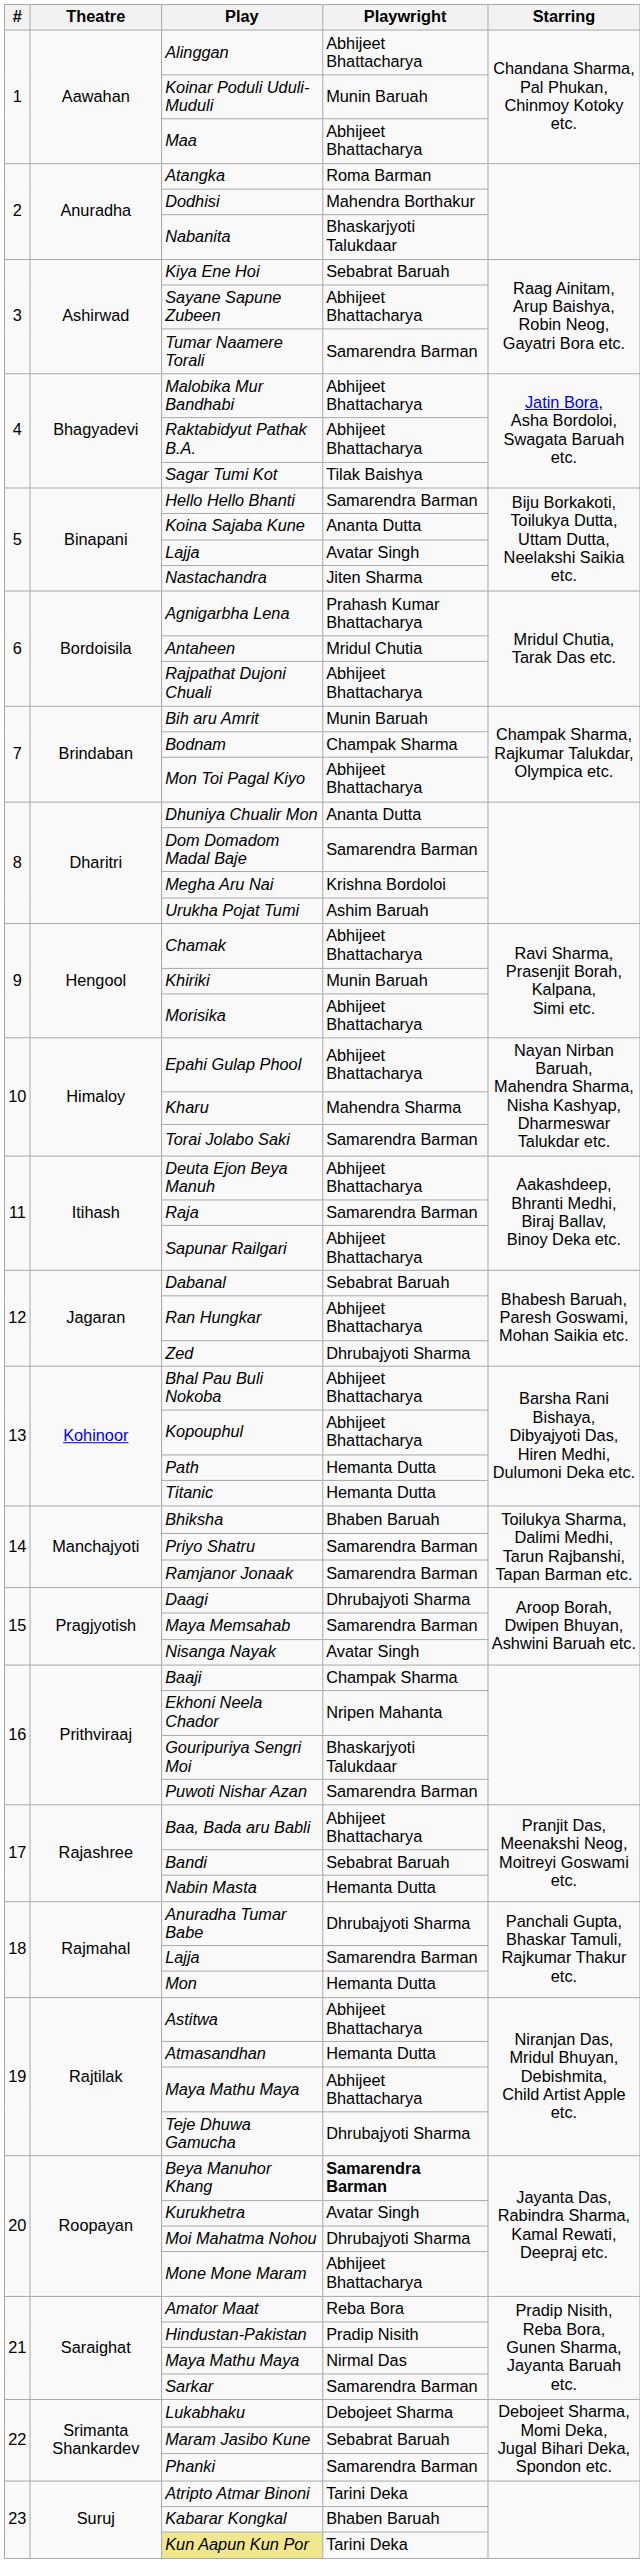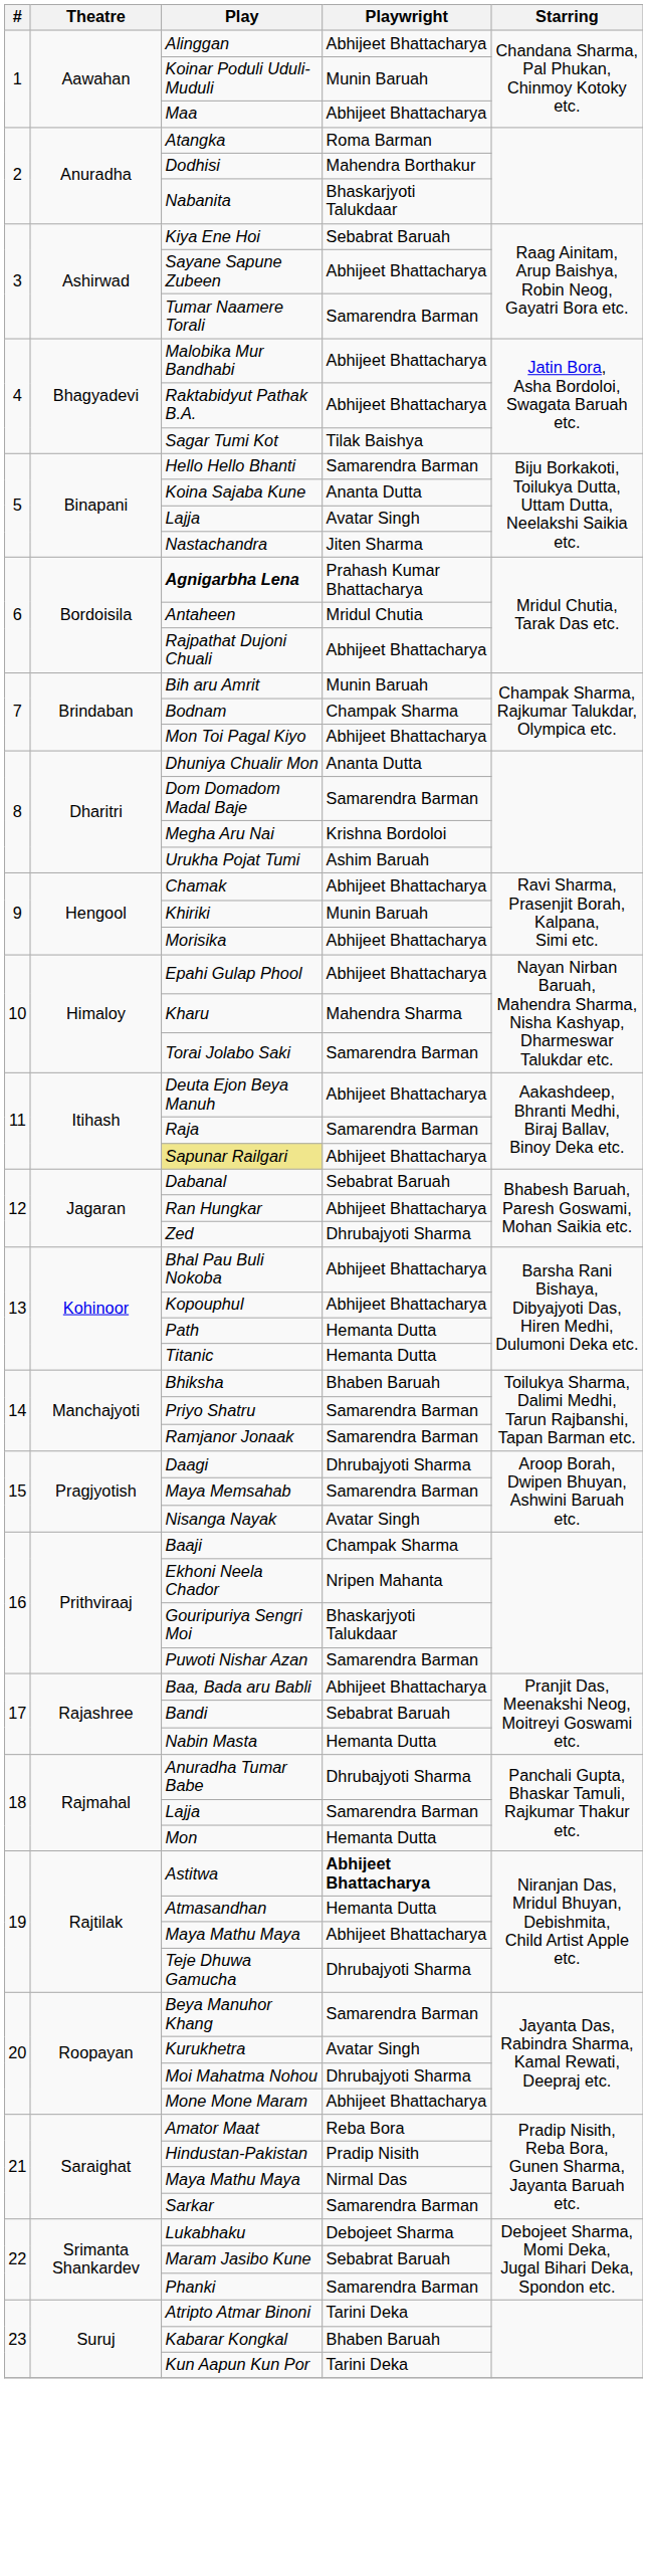 <table class="wikitable" width=100%>
 <tr>
 <th>#</th>
 <th>Theatre</th>
 <th>Play</th>
 <th>Playwright</th>
 <th>Starring</th>
 </tr>
 <tr>
 <td rowspan="3" align=center>1</td>
 <td rowspan="3" align=center>Aawahan</td>
 <td><em>Alinggan</em></td>
 <td>Abhijeet Bhattacharya</td>
 <td rowspan="3" align=center>Chandana Sharma,<br> Pal Phukan,<br>Chinmoy Kotoky etc.</td>
 </tr>
 <tr>
 <td><em>Koinar Poduli Uduli-Muduli</em></td>
 <td>Munin Baruah</td>
 </tr>
 <tr>
 <td><em>Maa</em></td>
 <td>Abhijeet Bhattacharya</td>
 </tr>
 <tr>
 <td rowspan="3" align=center>2</td>
 <td rowspan="3" align=center>Anuradha</td>
 <td><em>Atangka</em></td>
 <td>Roma Barman</td>
 <td rowspan="3" align=center></td>
 </tr>
 <tr>
 <td><em>Dodhisi</em></td>
 <td>Mahendra Borthakur</td>
 </tr>
 <tr>
 <td><em>Nabanita</em></td>
 <td>Bhaskarjyoti Talukdaar</td>
 </tr>
 <tr>
 <td rowspan="3" align=center>3</td>
 <td rowspan="3" align=center>Ashirwad</td>
 <td><em>Kiya Ene Hoi</em></td>
 <td>Sebabrat Baruah</td>
 <td rowspan="3" align=center>Raag Ainitam,<br> Arup Baishya,<br>Robin Neog,<br> Gayatri Bora etc.</td>
 </tr>
 <tr>
 <td><em>Sayane Sapune Zubeen</em></td>
 <td>Abhijeet Bhattacharya</td>
 </tr>
 <tr>
 <td><em>Tumar Naamere Torali</em></td>
 <td>Samarendra Barman</td>
 </tr>
 <tr>
 <td rowspan="3" align=center>4</td>
 <td rowspan="3" align=center>Bhagyadevi</td>
 <td><em>Malobika Mur Bandhabi</em></td>
 <td>Abhijeet Bhattacharya</td>
 <td rowspan="3" align=center><a href='#'>Jatin Bora</a>,<br> Asha Bordoloi,<br> Swagata Baruah etc.</td>
 </tr>
 <tr>
 <td><em>Raktabidyut Pathak B.A.</em></td>
 <td>Abhijeet Bhattacharya</td>
 </tr>
 <tr>
 <td><em>Sagar Tumi Kot</em></td>
 <td>Tilak Baishya</td>
 </tr>
 <tr>
 <td rowspan="4" align=center>5</td>
 <td rowspan="4" align=center>Binapani</td>
 <td><em>Hello Hello Bhanti</em></td>
 <td>Samarendra Barman</td>
 <td rowspan="4" align=center>Biju Borkakoti,<br> Toilukya Dutta,<br> Uttam Dutta,<br> Neelakshi Saikia etc.</td>
 </tr>
 <tr>
 <td><em>Koina Sajaba Kune</em></td>
 <td>Ananta Dutta</td>
 </tr>
 <tr>
 <td><em>Lajja</em></td>
 <td>Avatar Singh</td>
 </tr>
 <tr>
 <td><em>Nastachandra</em></td>
 <td>Jiten Sharma</td>
 </tr>
 <tr>
 <td rowspan="3" align=center>6</td>
 <td rowspan="3" align=center>Bordoisila</td>
-<td><em>Agnigarbha Lena</em></td>
+<td><strong><em>Agnigarbha Lena</em></strong></td>
 <td>Prahash Kumar Bhattacharya</td>
 <td rowspan="3" align=center>Mridul Chutia,<br> Tarak Das etc.</td>
 </tr>
 <tr>
 <td><em>Antaheen</em></td>
 <td>Mridul Chutia</td>
 </tr>
 <tr>
 <td><em>Rajpathat Dujoni Chuali</em></td>
 <td>Abhijeet Bhattacharya</td>
 </tr>
 <tr>
 <td rowspan="3" align=center>7</td>
 <td rowspan="3" align=center>Brindaban</td>
 <td><em>Bih aru Amrit</em></td>
 <td>Munin Baruah</td>
 <td rowspan="3" align=center>Champak Sharma,<br> Rajkumar Talukdar,<br>Olympica etc.</td>
 </tr>
 <tr>
 <td><em>Bodnam</em></td>
 <td>Champak Sharma</td>
 </tr>
 <tr>
 <td><em>Mon Toi Pagal Kiyo</em></td>
 <td>Abhijeet Bhattacharya</td>
 </tr>
 <tr>
 <td rowspan="4" align=center>8</td>
 <td rowspan="4" align=center>Dharitri</td>
 <td><em>Dhuniya Chualir Mon</em></td>
 <td>Ananta Dutta</td>
 <td rowspan="4" align=center></td>
 </tr>
 <tr>
 <td><em>Dom Domadom Madal Baje</em></td>
 <td>Samarendra Barman</td>
 </tr>
 <tr>
 <td><em>Megha Aru Nai</em></td>
 <td>Krishna Bordoloi</td>
 </tr>
 <tr>
 <td><em>Urukha Pojat Tumi</em></td>
 <td>Ashim Baruah</td>
 </tr>
 <tr>
 <td rowspan="3" align=center>9</td>
 <td rowspan="3" align=center>Hengool</td>
 <td><em>Chamak</em></td>
 <td>Abhijeet Bhattacharya</td>
 <td rowspan="3" align=center>Ravi Sharma,<br> Prasenjit Borah,<br> Kalpana,<br> Simi etc.</td>
 </tr>
 <tr>
 <td><em>Khiriki</em></td>
 <td>Munin Baruah</td>
 </tr>
 <tr>
 <td><em>Morisika</em></td>
 <td>Abhijeet Bhattacharya</td>
 </tr>
 <tr>
 <td rowspan="3" align=center>10</td>
 <td rowspan="3" align=center>Himaloy</td>
 <td><em>Epahi Gulap Phool</em></td>
 <td>Abhijeet Bhattacharya</td>
 <td rowspan="3" align=center>Nayan Nirban Baruah,<br> Mahendra Sharma,<br> Nisha Kashyap,<br> Dharmeswar Talukdar etc.</td>
 </tr>
 <tr>
 <td><em>Kharu</em></td>
 <td>Mahendra Sharma</td>
 </tr>
 <tr>
 <td><em>Torai Jolabo Saki</em></td>
 <td>Samarendra Barman</td>
 </tr>
 <tr>
 <td rowspan="3" align=center>11</td>
 <td rowspan="3" align=center>Itihash</td>
 <td><em>Deuta Ejon Beya Manuh</em></td>
 <td>Abhijeet Bhattacharya</td>
 <td rowspan="3" align=center>Aakashdeep,<br> Bhranti Medhi,<br> Biraj Ballav,<br> Binoy Deka etc.</td>
 </tr>
 <tr>
 <td><em>Raja</em></td>
 <td>Samarendra Barman</td>
 </tr>
 <tr>
-<td><em>Sapunar Railgari</em></td>
+<td style="background: khaki;"><em>Sapunar Railgari</em></td>
 <td>Abhijeet Bhattacharya</td>
 </tr>
 <tr>
 <td rowspan="3" align=center>12</td>
 <td rowspan="3" align=center>Jagaran</td>
 <td><em>Dabanal</em></td>
 <td>Sebabrat Baruah</td>
 <td rowspan="3" align=center>Bhabesh Baruah,<br> Paresh Goswami,<br> Mohan Saikia etc.</td>
 </tr>
 <tr>
 <td><em>Ran Hungkar</em></td>
 <td>Abhijeet Bhattacharya</td>
 </tr>
 <tr>
 <td><em>Zed</em></td>
 <td>Dhrubajyoti Sharma</td>
 </tr>
 <tr>
 <td rowspan="4" align=center>13</td>
 <td rowspan="4" align=center><a href='#'>Kohinoor</a></td>
 <td><em>Bhal Pau Buli Nokoba</em></td>
 <td>Abhijeet Bhattacharya</td>
 <td rowspan="4" align=center>Barsha Rani Bishaya,<br> Dibyajyoti Das,<br> Hiren Medhi,<br> Dulumoni Deka etc.</td>
 </tr>
 <tr>
 <td><em>Kopouphul</em></td>
 <td>Abhijeet Bhattacharya</td>
 </tr>
 <tr>
 <td><em>Path</em></td>
 <td>Hemanta Dutta</td>
 </tr>
 <tr>
 <td><em>Titanic</em></td>
 <td>Hemanta Dutta</td>
 </tr>
 <tr>
 <td rowspan="3" align=center>14</td>
 <td rowspan="3" align=center>Manchajyoti</td>
 <td><em>Bhiksha</em></td>
 <td>Bhaben Baruah</td>
 <td rowspan="3" align=center>Toilukya Sharma,<br> Dalimi Medhi,<br>Tarun Rajbanshi,<br>Tapan Barman etc.</td>
 </tr>
 <tr>
 <td><em>Priyo Shatru</em></td>
 <td>Samarendra Barman</td>
 </tr>
 <tr>
 <td><em>Ramjanor Jonaak</em></td>
 <td>Samarendra Barman</td>
 </tr>
 <tr>
 <td rowspan="3" align=center>15</td>
 <td rowspan="3" align=center>Pragjyotish</td>
 <td><em>Daagi</em></td>
 <td>Dhrubajyoti Sharma</td>
 <td rowspan="3" align=center>Aroop Borah,<br> Dwipen Bhuyan,<br> Ashwini Baruah etc.</td>
 </tr>
 <tr>
 <td><em>Maya Memsahab</em></td>
 <td>Samarendra Barman</td>
 </tr>
 <tr>
 <td><em>Nisanga Nayak</em></td>
 <td>Avatar Singh</td>
 </tr>
 <tr>
 <td rowspan="4" align=center>16</td>
 <td rowspan="4" align=center>Prithviraaj</td>
 <td><em>Baaji</em></td>
 <td>Champak Sharma</td>
 <td rowspan="4" align=center></td>
 </tr>
 <tr>
 <td><em>Ekhoni Neela Chador</em></td>
 <td>Nripen Mahanta</td>
 </tr>
 <tr>
 <td><em>Gouripuriya Sengri Moi</em></td>
 <td>Bhaskarjyoti Talukdaar</td>
 </tr>
 <tr>
 <td><em>Puwoti Nishar Azan</em></td>
 <td>Samarendra Barman</td>
 </tr>
 <tr>
 <td rowspan="3" align=center>17</td>
 <td rowspan="3" align=center>Rajashree</td>
 <td><em>Baa, Bada aru Babli</em></td>
 <td>Abhijeet Bhattacharya</td>
 <td rowspan="3" align=center>Pranjit Das,<br> Meenakshi Neog,<br>Moitreyi Goswami etc.</td>
 </tr>
 <tr>
 <td><em>Bandi</em></td>
 <td>Sebabrat Baruah</td>
 </tr>
 <tr>
 <td><em>Nabin Masta</em></td>
 <td>Hemanta Dutta</td>
 </tr>
 <tr>
 <td rowspan="3" align=center>18</td>
 <td rowspan="3" align=center>Rajmahal</td>
 <td><em>Anuradha Tumar Babe</em></td>
 <td>Dhrubajyoti Sharma</td>
 <td rowspan="3" align=center>Panchali Gupta,<br> Bhaskar Tamuli,<br>Rajkumar Thakur etc.</td>
 </tr>
 <tr>
 <td><em>Lajja</em></td>
 <td>Samarendra Barman</td>
 </tr>
 <tr>
 <td><em>Mon</em></td>
 <td>Hemanta Dutta</td>
 </tr>
 <tr>
 <td rowspan="4" align=center>19</td>
 <td rowspan="4" align=center>Rajtilak</td>
 <td><em>Astitwa</em></td>
-<td>Abhijeet Bhattacharya</td>
+<td><strong>Abhijeet Bhattacharya</strong></td>
 <td rowspan="4" align=center>Niranjan Das,<br> Mridul Bhuyan,<br> Debishmita,<br> Child Artist Apple etc.</td>
 </tr>
 <tr>
 <td><em>Atmasandhan</em></td>
 <td>Hemanta Dutta</td>
 </tr>
 <tr>
 <td><em>Maya Mathu Maya</em></td>
 <td>Abhijeet Bhattacharya</td>
 </tr>
 <tr>
 <td><em>Teje Dhuwa Gamucha</em></td>
 <td>Dhrubajyoti Sharma</td>
 </tr>
 <tr>
 <td rowspan="4" align=center>20</td>
 <td rowspan="4" align=center>Roopayan</td>
 <td><em>Beya Manuhor Khang</em></td>
-<td><strong>Samarendra Barman</strong></td>
+<td>Samarendra Barman</td>
 <td rowspan="4" align=center>Jayanta Das,<br> Rabindra Sharma,<br> Kamal Rewati,<br> Deepraj etc.</td>
 </tr>
 <tr>
 <td><em>Kurukhetra</em></td>
 <td>Avatar Singh</td>
 </tr>
 <tr>
 <td><em>Moi Mahatma Nohou</em></td>
 <td>Dhrubajyoti Sharma</td>
 </tr>
 <tr>
 <td><em>Mone Mone Maram</em></td>
 <td>Abhijeet Bhattacharya</td>
 </tr>
 <tr>
 <td rowspan="4" align=center>21</td>
 <td rowspan="4" align=center>Saraighat</td>
 <td><em>Amator Maat</em></td>
 <td>Reba Bora</td>
 <td rowspan="4" align=center>Pradip Nisith,<br> Reba Bora,<br>Gunen Sharma,<br> Jayanta Baruah etc.</td>
 </tr>
 <tr>
 <td><em>Hindustan-Pakistan</em></td>
 <td>Pradip Nisith</td>
 </tr>
 <tr>
 <td><em>Maya Mathu Maya</em></td>
 <td>Nirmal Das</td>
 </tr>
 <tr>
 <td><em>Sarkar</em></td>
 <td>Samarendra Barman</td>
 </tr>
 <tr>
 <td rowspan="3" align=center>22</td>
 <td rowspan="3" align=center>Srimanta Shankardev</td>
 <td><em>Lukabhaku</em></td>
 <td>Debojeet Sharma</td>
 <td rowspan="3" align=center>Debojeet Sharma,<br> Momi Deka,<br> Jugal Bihari Deka,<br> Spondon etc.</td>
 </tr>
 <tr>
 <td><em>Maram Jasibo Kune</em></td>
 <td>Sebabrat Baruah</td>
 </tr>
 <tr>
 <td><em>Phanki</em></td>
 <td>Samarendra Barman</td>
 </tr>
 <tr>
 <td rowspan="3" align=center>23</td>
 <td rowspan="3" align=center>Suruj</td>
 <td><em>Atripto Atmar Binoni</em></td>
 <td>Tarini Deka</td>
 <td rowspan="3" align=center></td>
 </tr>
 <tr>
 <td><em>Kabarar Kongkal</em></td>
 <td>Bhaben Baruah</td>
 </tr>
 <tr>
-<td style="background: khaki;"><em>Kun Aapun Kun Por</em></td>
+<td><em>Kun Aapun Kun Por</em></td>
 <td>Tarini Deka</td>
 </tr>
 <tr>
 </tr>
 </table>
